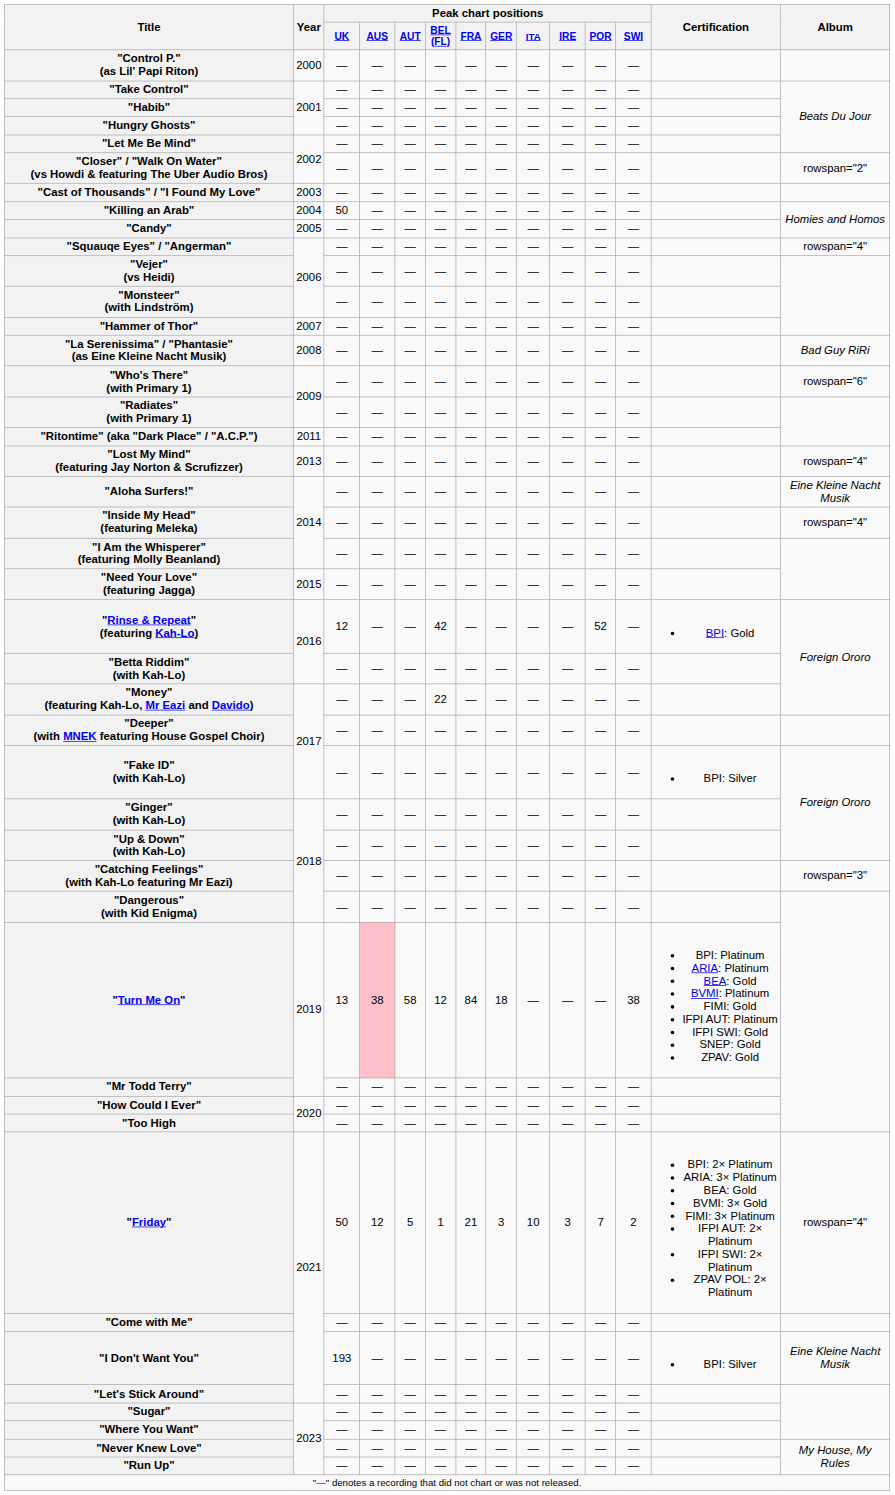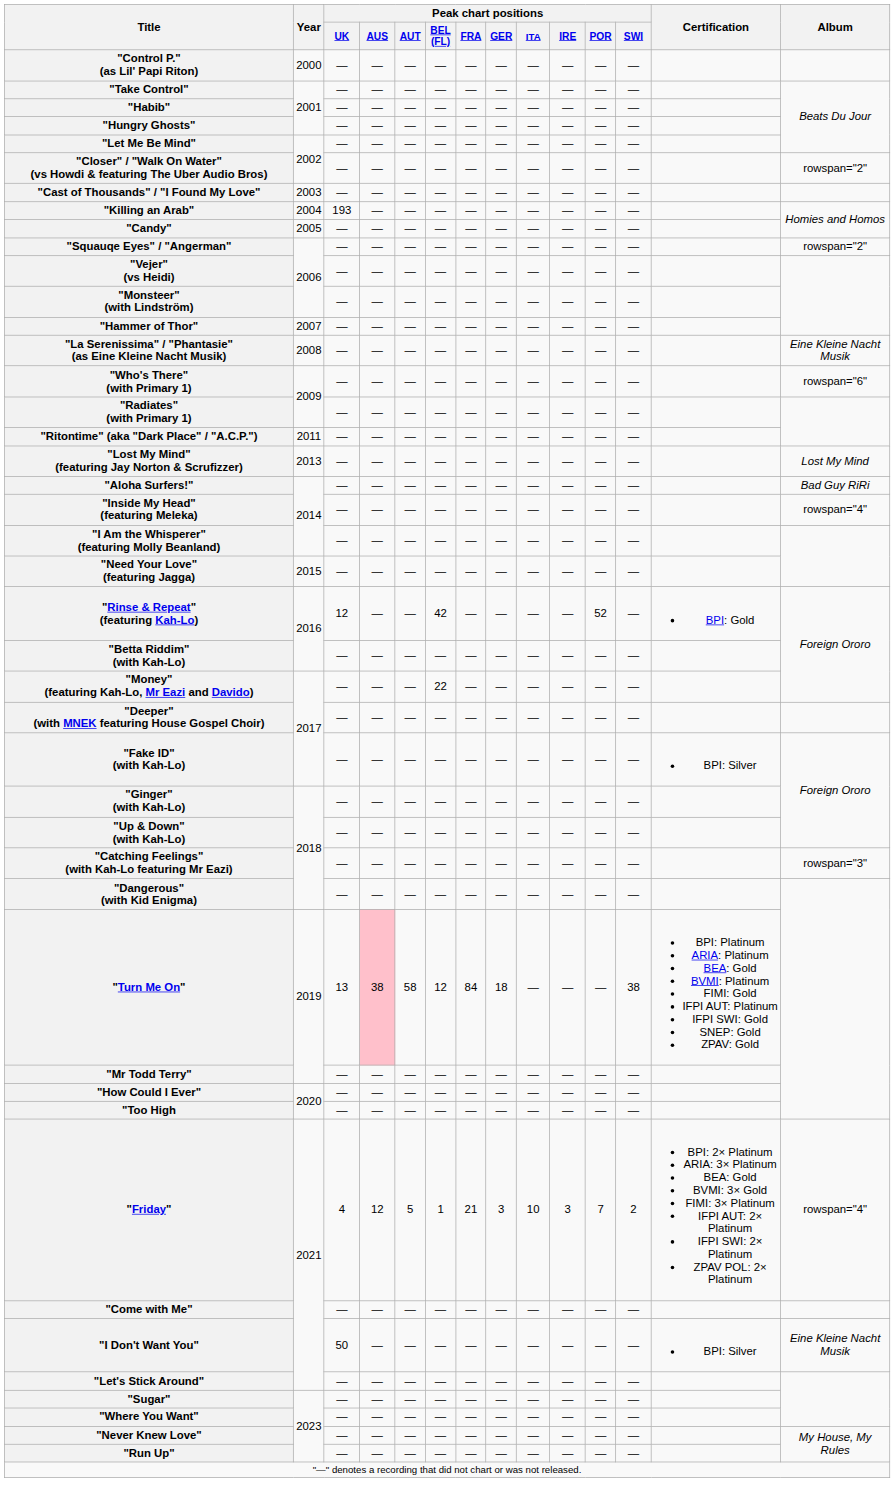 <table class="wikitable plainrowheaders" style="text-align:center;">
 <tr>
 <th scope="col" rowspan="2" style="width:25em;">Title</th>
 <th scope="col" rowspan="2">Year</th>
 <th scope="col" colspan="10">Peak chart positions</th>
 <th scope="col" rowspan="2">Certification</th>
 <th scope="col" rowspan="2">Album</th>
 </tr>
 <tr>
 <th scope="col" style="width:3em;font-size:90%;"><a href='#'>UK</a><br></th>
 <th scope="col" style="width:3em;font-size:90%;"><a href='#'>AUS</a><br></th>
 <th scope="col" style="width:2.5em; font-size:90%;"><a href='#'>AUT</a><br></th>
 <th scope="col" style="width:2.5em;font-size:90%;"><a href='#'>BEL<br>(FL)</a><br></th>
 <th scope="col" style="width:2.5em; font-size:90%;"><a href='#'>FRA</a><br></th>
 <th scope="col" style="width:2.5em; font-size:90%;"><a href='#'>GER</a><br></th>
 <th scope="col" style="width:3em;font-size:85%;"><a href='#'>ITA</a><br></th>
 <th scope="col" style="width:3em;font-size:90%;"><a href='#'>IRE</a><br></th>
 <th scope="col" style="width:2.5em; font-size:90%;"><a href='#'>POR</a><br></th>
 <th scope="col" style="width:3em;font-size:90%;"><a href='#'>SWI</a><br></th>
 </tr>
 <tr>
 <th scope="row">"Control P." <br>(as Lil' Papi Riton)</th>
 <td>2000</td>
 <td>—</td>
 <td>—</td>
 <td>—</td>
 <td>—</td>
 <td>—</td>
 <td>—</td>
 <td>—</td>
 <td>—</td>
 <td>—</td>
 <td>—</td>
 <td></td>
 <td></td>
 </tr>
 <tr>
 <th scope="row">"Take Control"</th>
 <td rowspan="3">2001</td>
 <td>—</td>
 <td>—</td>
 <td>—</td>
 <td>—</td>
 <td>—</td>
 <td>—</td>
 <td>—</td>
 <td>—</td>
 <td>—</td>
 <td>—</td>
 <td></td>
 <td rowspan="4"><em>Beats Du Jour</em></td>
 </tr>
 <tr>
 <th scope="row">"Habib"</th>
 <td>—</td>
 <td>—</td>
 <td>—</td>
 <td>—</td>
 <td>—</td>
 <td>—</td>
 <td>—</td>
 <td>—</td>
 <td>—</td>
 <td>—</td>
 <td></td>
 </tr>
 <tr>
 <th scope="row">"Hungry Ghosts"</th>
 <td>—</td>
 <td>—</td>
 <td>—</td>
 <td>—</td>
 <td>—</td>
 <td>—</td>
 <td>—</td>
 <td>—</td>
 <td>—</td>
 <td>—</td>
 </tr>
 <tr>
 <th scope="row">"Let Me Be Mind"</th>
 <td rowspan="2">2002</td>
 <td>—</td>
 <td>—</td>
 <td>—</td>
 <td>—</td>
 <td>—</td>
 <td>—</td>
 <td>—</td>
 <td>—</td>
 <td>—</td>
 <td>—</td>
 <td></td>
 </tr>
 <tr>
 <th scope="row">"Closer" / "Walk On Water" <br>(vs Howdi & featuring The Uber Audio Bros)</th>
 <td>—</td>
 <td>—</td>
 <td>—</td>
 <td>—</td>
 <td>—</td>
 <td>—</td>
 <td>—</td>
 <td>—</td>
 <td>—</td>
 <td>—</td>
 <td></td>
 <td>rowspan="2" </td>
 </tr>
 <tr>
 <th scope="row">"Cast of Thousands" / "I Found My Love"</th>
 <td>2003</td>
 <td>—</td>
 <td>—</td>
 <td>—</td>
 <td>—</td>
 <td>—</td>
 <td>—</td>
 <td>—</td>
 <td>—</td>
 <td>—</td>
 <td>—</td>
 <td></td>
 </tr>
 <tr>
 <th scope="row">"Killing an Arab"</th>
 <td>2004</td>
-<td>50</td>
+<td>193</td>
 <td>—</td>
 <td>—</td>
 <td>—</td>
 <td>—</td>
 <td>—</td>
 <td>—</td>
 <td>—</td>
 <td>—</td>
 <td>—</td>
 <td></td>
 <td rowspan="2"><em>Homies and Homos</em></td>
 </tr>
 <tr>
 <th scope="row">"Candy"</th>
 <td>2005</td>
 <td>—</td>
 <td>—</td>
 <td>—</td>
 <td>—</td>
 <td>—</td>
 <td>—</td>
 <td>—</td>
 <td>—</td>
 <td>—</td>
 <td>—</td>
 <td></td>
 </tr>
 <tr>
 <th scope="row">"Squauqe Eyes" / "Angerman"</th>
 <td rowspan="3">2006</td>
 <td>—</td>
 <td>—</td>
 <td>—</td>
 <td>—</td>
 <td>—</td>
 <td>—</td>
 <td>—</td>
 <td>—</td>
 <td>—</td>
 <td>—</td>
 <td></td>
-<td>rowspan="4" </td>
+<td>rowspan="2" </td>
 </tr>
 <tr>
 <th scope="row">"Vejer" <br>(vs Heidi)</th>
 <td>—</td>
 <td>—</td>
 <td>—</td>
 <td>—</td>
 <td>—</td>
 <td>—</td>
 <td>—</td>
 <td>—</td>
 <td>—</td>
 <td>—</td>
 <td></td>
 </tr>
 <tr>
 <th scope="row">"Monsteer" <br>(with Lindström)</th>
 <td>—</td>
 <td>—</td>
 <td>—</td>
 <td>—</td>
 <td>—</td>
 <td>—</td>
 <td>—</td>
 <td>—</td>
 <td>—</td>
 <td>—</td>
 <td></td>
 </tr>
 <tr>
 <th scope="row">"Hammer of Thor"</th>
 <td>2007</td>
 <td>—</td>
 <td>—</td>
 <td>—</td>
 <td>—</td>
 <td>—</td>
 <td>—</td>
 <td>—</td>
 <td>—</td>
 <td>—</td>
 <td>—</td>
 <td></td>
 </tr>
 <tr>
 <th scope="row">"La Serenissima" / "Phantasie" <br>(as Eine Kleine Nacht Musik)</th>
 <td>2008</td>
 <td>—</td>
 <td>—</td>
 <td>—</td>
 <td>—</td>
 <td>—</td>
 <td>—</td>
 <td>—</td>
 <td>—</td>
 <td>—</td>
 <td>—</td>
 <td></td>
-<td><em>Bad Guy RiRi</em></td>
+<td><em>Eine Kleine Nacht Musik</em></td>
 </tr>
 <tr>
 <th scope="row">"Who's There"<br>(with Primary 1)</th>
 <td rowspan="2">2009</td>
 <td>—</td>
 <td>—</td>
 <td>—</td>
 <td>—</td>
 <td>—</td>
 <td>—</td>
 <td>—</td>
 <td>—</td>
 <td>—</td>
 <td>—</td>
 <td></td>
 <td>rowspan="6" </td>
 </tr>
 <tr>
 <th scope="row">"Radiates"<br>(with Primary 1)</th>
 <td>—</td>
 <td>—</td>
 <td>—</td>
 <td>—</td>
 <td>—</td>
 <td>—</td>
 <td>—</td>
 <td>—</td>
 <td>—</td>
 <td>—</td>
 <td></td>
 </tr>
 <tr>
 <th scope="row">"Ritontime" (aka "Dark Place" / "A.C.P.")</th>
 <td>2011</td>
 <td>—</td>
 <td>—</td>
 <td>—</td>
 <td>—</td>
 <td>—</td>
 <td>—</td>
 <td>—</td>
 <td>—</td>
 <td>—</td>
 <td>—</td>
 <td></td>
 </tr>
 <tr>
 <th scope="row">"Lost My Mind" <br>(featuring Jay Norton & Scrufizzer)</th>
 <td>2013</td>
 <td>—</td>
 <td>—</td>
 <td>—</td>
 <td>—</td>
 <td>—</td>
 <td>—</td>
 <td>—</td>
 <td>—</td>
 <td>—</td>
 <td>—</td>
 <td></td>
-<td>rowspan="4" </td>
+<td><em>Lost My Mind</em></td>
 </tr>
 <tr>
 <th scope="row">"Aloha Surfers!"</th>
 <td rowspan="3">2014</td>
 <td>—</td>
 <td>—</td>
 <td>—</td>
 <td>—</td>
 <td>—</td>
 <td>—</td>
 <td>—</td>
 <td>—</td>
 <td>—</td>
 <td>—</td>
 <td></td>
-<td><em>Eine Kleine Nacht Musik</em></td>
+<td><em>Bad Guy RiRi</em></td>
 </tr>
 <tr>
 <th scope="row">"Inside My Head"<br>(featuring Meleka)</th>
 <td>—</td>
 <td>—</td>
 <td>—</td>
 <td>—</td>
 <td>—</td>
 <td>—</td>
 <td>—</td>
 <td>—</td>
 <td>—</td>
 <td>—</td>
 <td></td>
 <td>rowspan="4" </td>
 </tr>
 <tr>
 <th scope="row">"I Am the Whisperer"<br>(featuring Molly Beanland)</th>
 <td>—</td>
 <td>—</td>
 <td>—</td>
 <td>—</td>
 <td>—</td>
 <td>—</td>
 <td>—</td>
 <td>—</td>
 <td>—</td>
 <td>—</td>
 <td></td>
 </tr>
 <tr>
 <th scope="row">"Need Your Love"<br>(featuring Jagga)</th>
 <td>2015</td>
 <td>—</td>
 <td>—</td>
 <td>—</td>
 <td>—</td>
 <td>—</td>
 <td>—</td>
 <td>—</td>
 <td>—</td>
 <td>—</td>
 <td>—</td>
 <td></td>
 </tr>
 <tr>
 <th scope="row">"<a href='#'>Rinse & Repeat</a>"<br>(featuring <a href='#'>Kah-Lo</a>)</th>
 <td rowspan="2">2016</td>
 <td>12</td>
 <td>—</td>
 <td>—</td>
 <td>42</td>
 <td>—</td>
 <td>—</td>
 <td>—</td>
 <td>—</td>
 <td>52</td>
 <td>—</td>
 <td><br><ul><li><a href='#'>BPI</a>: Gold</li></ul></td>
 <td rowspan="3"><em>Foreign Ororo</em></td>
 </tr>
 <tr>
 <th scope="row">"Betta Riddim"<br>(with Kah-Lo)</th>
 <td>—</td>
 <td>—</td>
 <td>—</td>
 <td>—</td>
 <td>—</td>
 <td>—</td>
 <td>—</td>
 <td>—</td>
 <td>—</td>
 <td>—</td>
 <td></td>
 </tr>
 <tr>
 <th scope="row">"Money"<br>(featuring Kah-Lo, <a href='#'>Mr Eazi</a> and <a href='#'>Davido</a>)</th>
 <td rowspan="3">2017</td>
 <td>—</td>
 <td>—</td>
 <td>—</td>
 <td>22</td>
 <td>—</td>
 <td>—</td>
 <td>—</td>
 <td>—</td>
 <td>—</td>
 <td>—</td>
 <td></td>
 </tr>
 <tr>
 <th scope="row">"Deeper"<br>(with <a href='#'>MNEK</a> featuring House Gospel Choir)</th>
 <td>—</td>
 <td>—</td>
 <td>—</td>
 <td>—</td>
 <td>—</td>
 <td>—</td>
 <td>—</td>
 <td>—</td>
 <td>—</td>
 <td>—</td>
 <td></td>
 <td></td>
 </tr>
 <tr>
 <th scope="row">"Fake ID"<br>(with Kah-Lo)</th>
 <td>—</td>
 <td>—</td>
 <td>—</td>
 <td>—</td>
 <td>—</td>
 <td>—</td>
 <td>—</td>
 <td>—</td>
 <td>—</td>
 <td>—</td>
 <td><br><ul><li>BPI: Silver</li></ul></td>
 <td rowspan="3"><em>Foreign Ororo</em></td>
 </tr>
 <tr>
 <th scope="row">"Ginger"<br>(with Kah-Lo)</th>
 <td rowspan="4">2018</td>
 <td>—</td>
 <td>—</td>
 <td>—</td>
 <td>—</td>
 <td>—</td>
 <td>—</td>
 <td>—</td>
 <td>—</td>
 <td>—</td>
 <td>—</td>
 <td></td>
 </tr>
 <tr>
 <th scope="row">"Up & Down"<br>(with Kah-Lo)</th>
 <td>—</td>
 <td>—</td>
 <td>—</td>
 <td>—</td>
 <td>—</td>
 <td>—</td>
 <td>—</td>
 <td>—</td>
 <td>—</td>
 <td>—</td>
 <td></td>
 </tr>
 <tr>
 <th scope="row">"Catching Feelings"<br>(with Kah-Lo featuring Mr Eazi)</th>
 <td>—</td>
 <td>—</td>
 <td>—</td>
 <td>—</td>
 <td>—</td>
 <td>—</td>
 <td>—</td>
 <td>—</td>
 <td>—</td>
 <td>—</td>
 <td></td>
 <td>rowspan="3" </td>
 </tr>
 <tr>
 <th scope="row">"Dangerous"<br>(with Kid Enigma)</th>
 <td>—</td>
 <td>—</td>
 <td>—</td>
 <td>—</td>
 <td>—</td>
 <td>—</td>
 <td>—</td>
 <td>—</td>
 <td>—</td>
 <td>—</td>
 <td></td>
 </tr>
 <tr>
 <th scope="row">"<a href='#'>Turn Me On</a>"<br></th>
 <td rowspan="2">2019</td>
 <td>13</td>
 <td style="background: pink;">38</td>
 <td>58</td>
 <td>12</td>
 <td>84</td>
 <td>18</td>
 <td>—</td>
 <td>—</td>
 <td>—</td>
 <td>38</td>
 <td><br><ul><li>BPI: Platinum</li><li><a href='#'>ARIA</a>: Platinum</li><li><a href='#'>BEA</a>: Gold</li><li><a href='#'>BVMI</a>: Platinum</li><li>FIMI: Gold</li><li>IFPI AUT: Platinum</li><li>IFPI SWI: Gold</li><li>SNEP: Gold</li><li>ZPAV: Gold</li></ul></td>
 </tr>
 <tr>
 <th scope="row">"Mr Todd Terry" <br></th>
 <td>—</td>
 <td>—</td>
 <td>—</td>
 <td>—</td>
 <td>—</td>
 <td>—</td>
 <td>—</td>
 <td>—</td>
 <td>—</td>
 <td>—</td>
 <td></td>
 </tr>
 <tr>
 <th scope="row">"How Could I Ever" <br></th>
 <td rowspan="2">2020</td>
 <td>—</td>
 <td>—</td>
 <td>—</td>
 <td>—</td>
 <td>—</td>
 <td>—</td>
 <td>—</td>
 <td>—</td>
 <td>—</td>
 <td>—</td>
 <td></td>
 </tr>
 <tr>
 <th scope="row">"Too High <br></th>
 <td>—</td>
 <td>—</td>
 <td>—</td>
 <td>—</td>
 <td>—</td>
 <td>—</td>
 <td>—</td>
 <td>—</td>
 <td>—</td>
 <td>—</td>
 <td></td>
 </tr>
 <tr>
 <th scope="row">"<a href='#'>Friday</a>"<br></th>
 <td rowspan="4">2021</td>
-<td>50</td>
+<td>4</td>
 <td>12</td>
 <td>5</td>
 <td>1</td>
 <td>21</td>
 <td>3</td>
 <td>10</td>
 <td>3</td>
 <td>7</td>
 <td>2</td>
 <td><br><ul><li>BPI: 2× Platinum</li><li>ARIA: 3× Platinum</li><li>BEA: Gold</li><li>BVMI: 3× Gold</li><li>FIMI: 3× Platinum</li><li>IFPI AUT: 2× Platinum</li><li>IFPI SWI: 2× Platinum</li><li>ZPAV POL: 2× Platinum</li></ul></td>
 <td>rowspan="4" </td>
 </tr>
 <tr>
 <th scope="row">"Come with Me"<br></th>
 <td>—</td>
 <td>—</td>
 <td>—</td>
 <td>—</td>
 <td>—</td>
 <td>—</td>
 <td>—</td>
 <td>—</td>
 <td>—</td>
 <td>—</td>
 <td></td>
 </tr>
 <tr>
 <th scope="row">"I Don't Want You"<br></th>
-<td>193</td>
+<td>50</td>
 <td>—</td>
 <td>—</td>
 <td>—</td>
 <td>—</td>
 <td>—</td>
 <td>—</td>
 <td>—</td>
 <td>—</td>
 <td>—</td>
 <td><br><ul><li>BPI: Silver</li></ul></td>
 <td><em>Eine Kleine Nacht Musik</em></td>
 </tr>
 <tr>
 <th scope="row">"Let's Stick Around" <br></th>
 <td>—</td>
 <td>—</td>
 <td>—</td>
 <td>—</td>
 <td>—</td>
 <td>—</td>
 <td>—</td>
 <td>—</td>
 <td>—</td>
 <td>—</td>
 <td></td>
 </tr>
 <tr>
 <th scope="row">"Sugar" <br></th>
 <td rowspan="4">2023</td>
 <td>—</td>
 <td>—</td>
 <td>—</td>
 <td>—</td>
 <td>—</td>
 <td>—</td>
 <td>—</td>
 <td>—</td>
 <td>—</td>
 <td>—</td>
 <td></td>
 </tr>
 <tr>
 <th scope="row">"Where You Want" <br></th>
 <td>—</td>
 <td>—</td>
 <td>—</td>
 <td>—</td>
 <td>—</td>
 <td>—</td>
 <td>—</td>
 <td>—</td>
 <td>—</td>
 <td>—</td>
 <td></td>
 </tr>
 <tr>
 <th scope="row">"Never Knew Love" <br></th>
 <td>—</td>
 <td>—</td>
 <td>—</td>
 <td>—</td>
 <td>—</td>
 <td>—</td>
 <td>—</td>
 <td>—</td>
 <td>—</td>
 <td>—</td>
 <td></td>
 <td rowspan="2"><em>My House, My Rules</em></td>
 </tr>
 <tr>
 <th scope="row">"Run Up" <br></th>
 <td>—</td>
 <td>—</td>
 <td>—</td>
 <td>—</td>
 <td>—</td>
 <td>—</td>
 <td>—</td>
 <td>—</td>
 <td>—</td>
 <td>—</td>
 <td></td>
 </tr>
 <tr>
 <td colspan="14" style="font-size:85%">"—" denotes a recording that did not chart or was not released.</td>
 </tr>
 </table>
